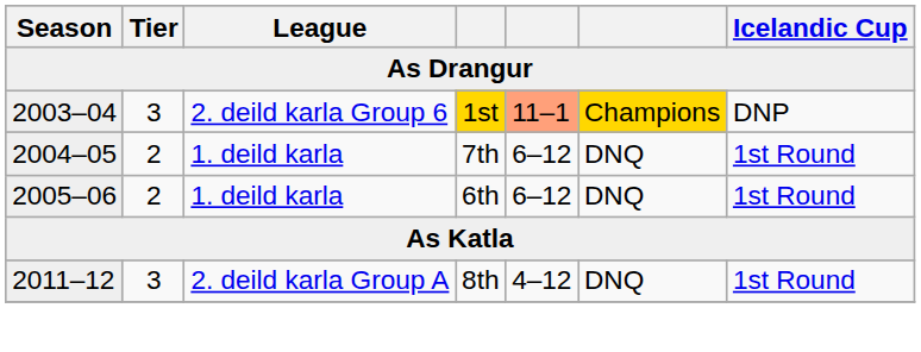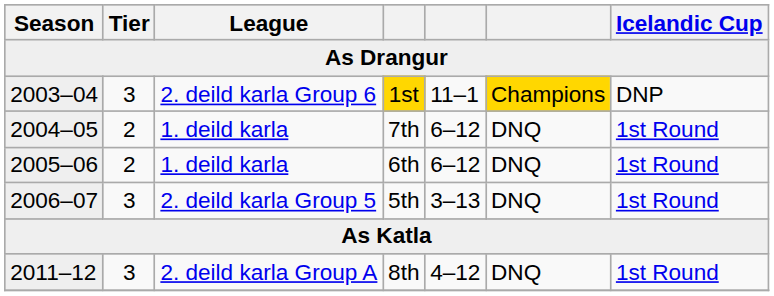 <table class="wikitable" style="font-size:85%">
 <tr>
 <th>Season</th>
 <th>Tier</th>
 <th>League</th>
 <th></th>
 <th></th>
 <th></th>
 <th><a href='#'>Icelandic Cup</a></th>
 </tr>
 <tr>
 <td colspan=7 style="background:#efefef;text-align:center;"><strong>As Drangur</strong></td>
 </tr>
 <tr>
 <td style="background:#efefef;">2003–04</td>
 <td align="center">3</td>
 <td><a href='#'>2. deild karla Group 6</a></td>
 <td align="center" style="background:gold">1st</td>
-<td style="background: lightsalmon;">11–1</td>
+<td>11–1</td>
 <td style="background:gold">Champions</td>
 <td>DNP</td>
 </tr>
 <tr>
 <td style="background:#efefef;">2004–05</td>
 <td align="center">2</td>
 <td><a href='#'>1. deild karla</a></td>
 <td align="center">7th</td>
 <td>6–12</td>
 <td>DNQ</td>
 <td><a href='#'>1st Round</a></td>
 </tr>
 <tr>
 <td style="background:#efefef;">2005–06</td>
 <td align="center">2</td>
 <td><a href='#'>1. deild karla</a></td>
 <td align="center">6th</td>
 <td>6–12</td>
 <td>DNQ</td>
 <td><a href='#'>1st Round</a></td>
 </tr>
 <tr>
+<td style="background:#efefef;">2006–07</td>
+<td align="center">3</td>
+<td><a href='#'>2. deild karla Group 5</a></td>
+<td align="center">5th</td>
+<td>3–13</td>
+<td>DNQ</td>
+<td><a href='#'>1st Round</a></td>
+</tr>
+<tr>
 <td colspan=7 style="background:#efefef;text-align:center;"><strong>As Katla</strong></td>
 </tr>
 <tr>
 <td style="background:#efefef;">2011–12</td>
 <td align="center">3</td>
 <td><a href='#'>2. deild karla Group A</a></td>
 <td>8th</td>
 <td>4–12</td>
 <td>DNQ</td>
 <td><a href='#'>1st Round</a></td>
 </tr>
 <tr>
 </tr>
 </table>
